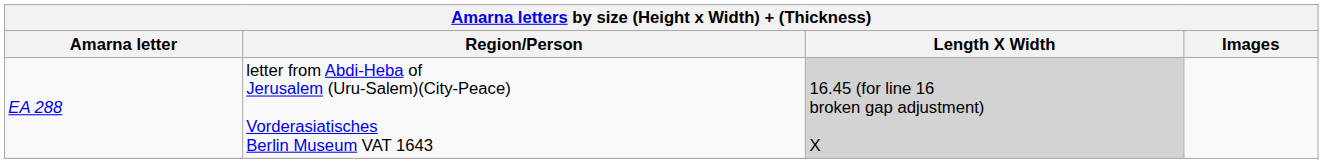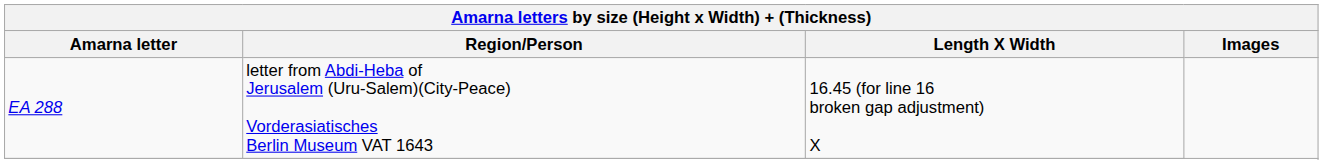 <table class="wikitable" align="center" width="100%">
 <tr>
 <th colspan="5" align="center"><strong><a href='#'>Amarna letters</a> by size (Height x Width) + (Thickness)</strong></th>
 </tr>
 <tr>
 <th>Amarna letter</th>
 <th>Region/Person</th>
 <th>Length X Width</th>
 <th>Images</th>
 </tr>
 <tr>
 <td><em><a href='#'>EA 288</a></em></td>
 <td>letter from <a href='#'>Abdi-Heba</a> of <br><a href='#'>Jerusalem</a> (Uru-Salem)(City-Peace)<br><br><a href='#'>Vorderasiatisches</a><br><a href='#'>Berlin Museum</a> VAT 1643</td>
-<td style="background: lightgrey;"> <br> 16.45 (for line 16 <br>broken gap adjustment)<br><br>X </td>
+<td> <br> 16.45 (for line 16 <br>broken gap adjustment)<br><br>X </td>
 <td rowspan="99"></td>
 </tr>
 <tr>
 </tr>
 </table>
